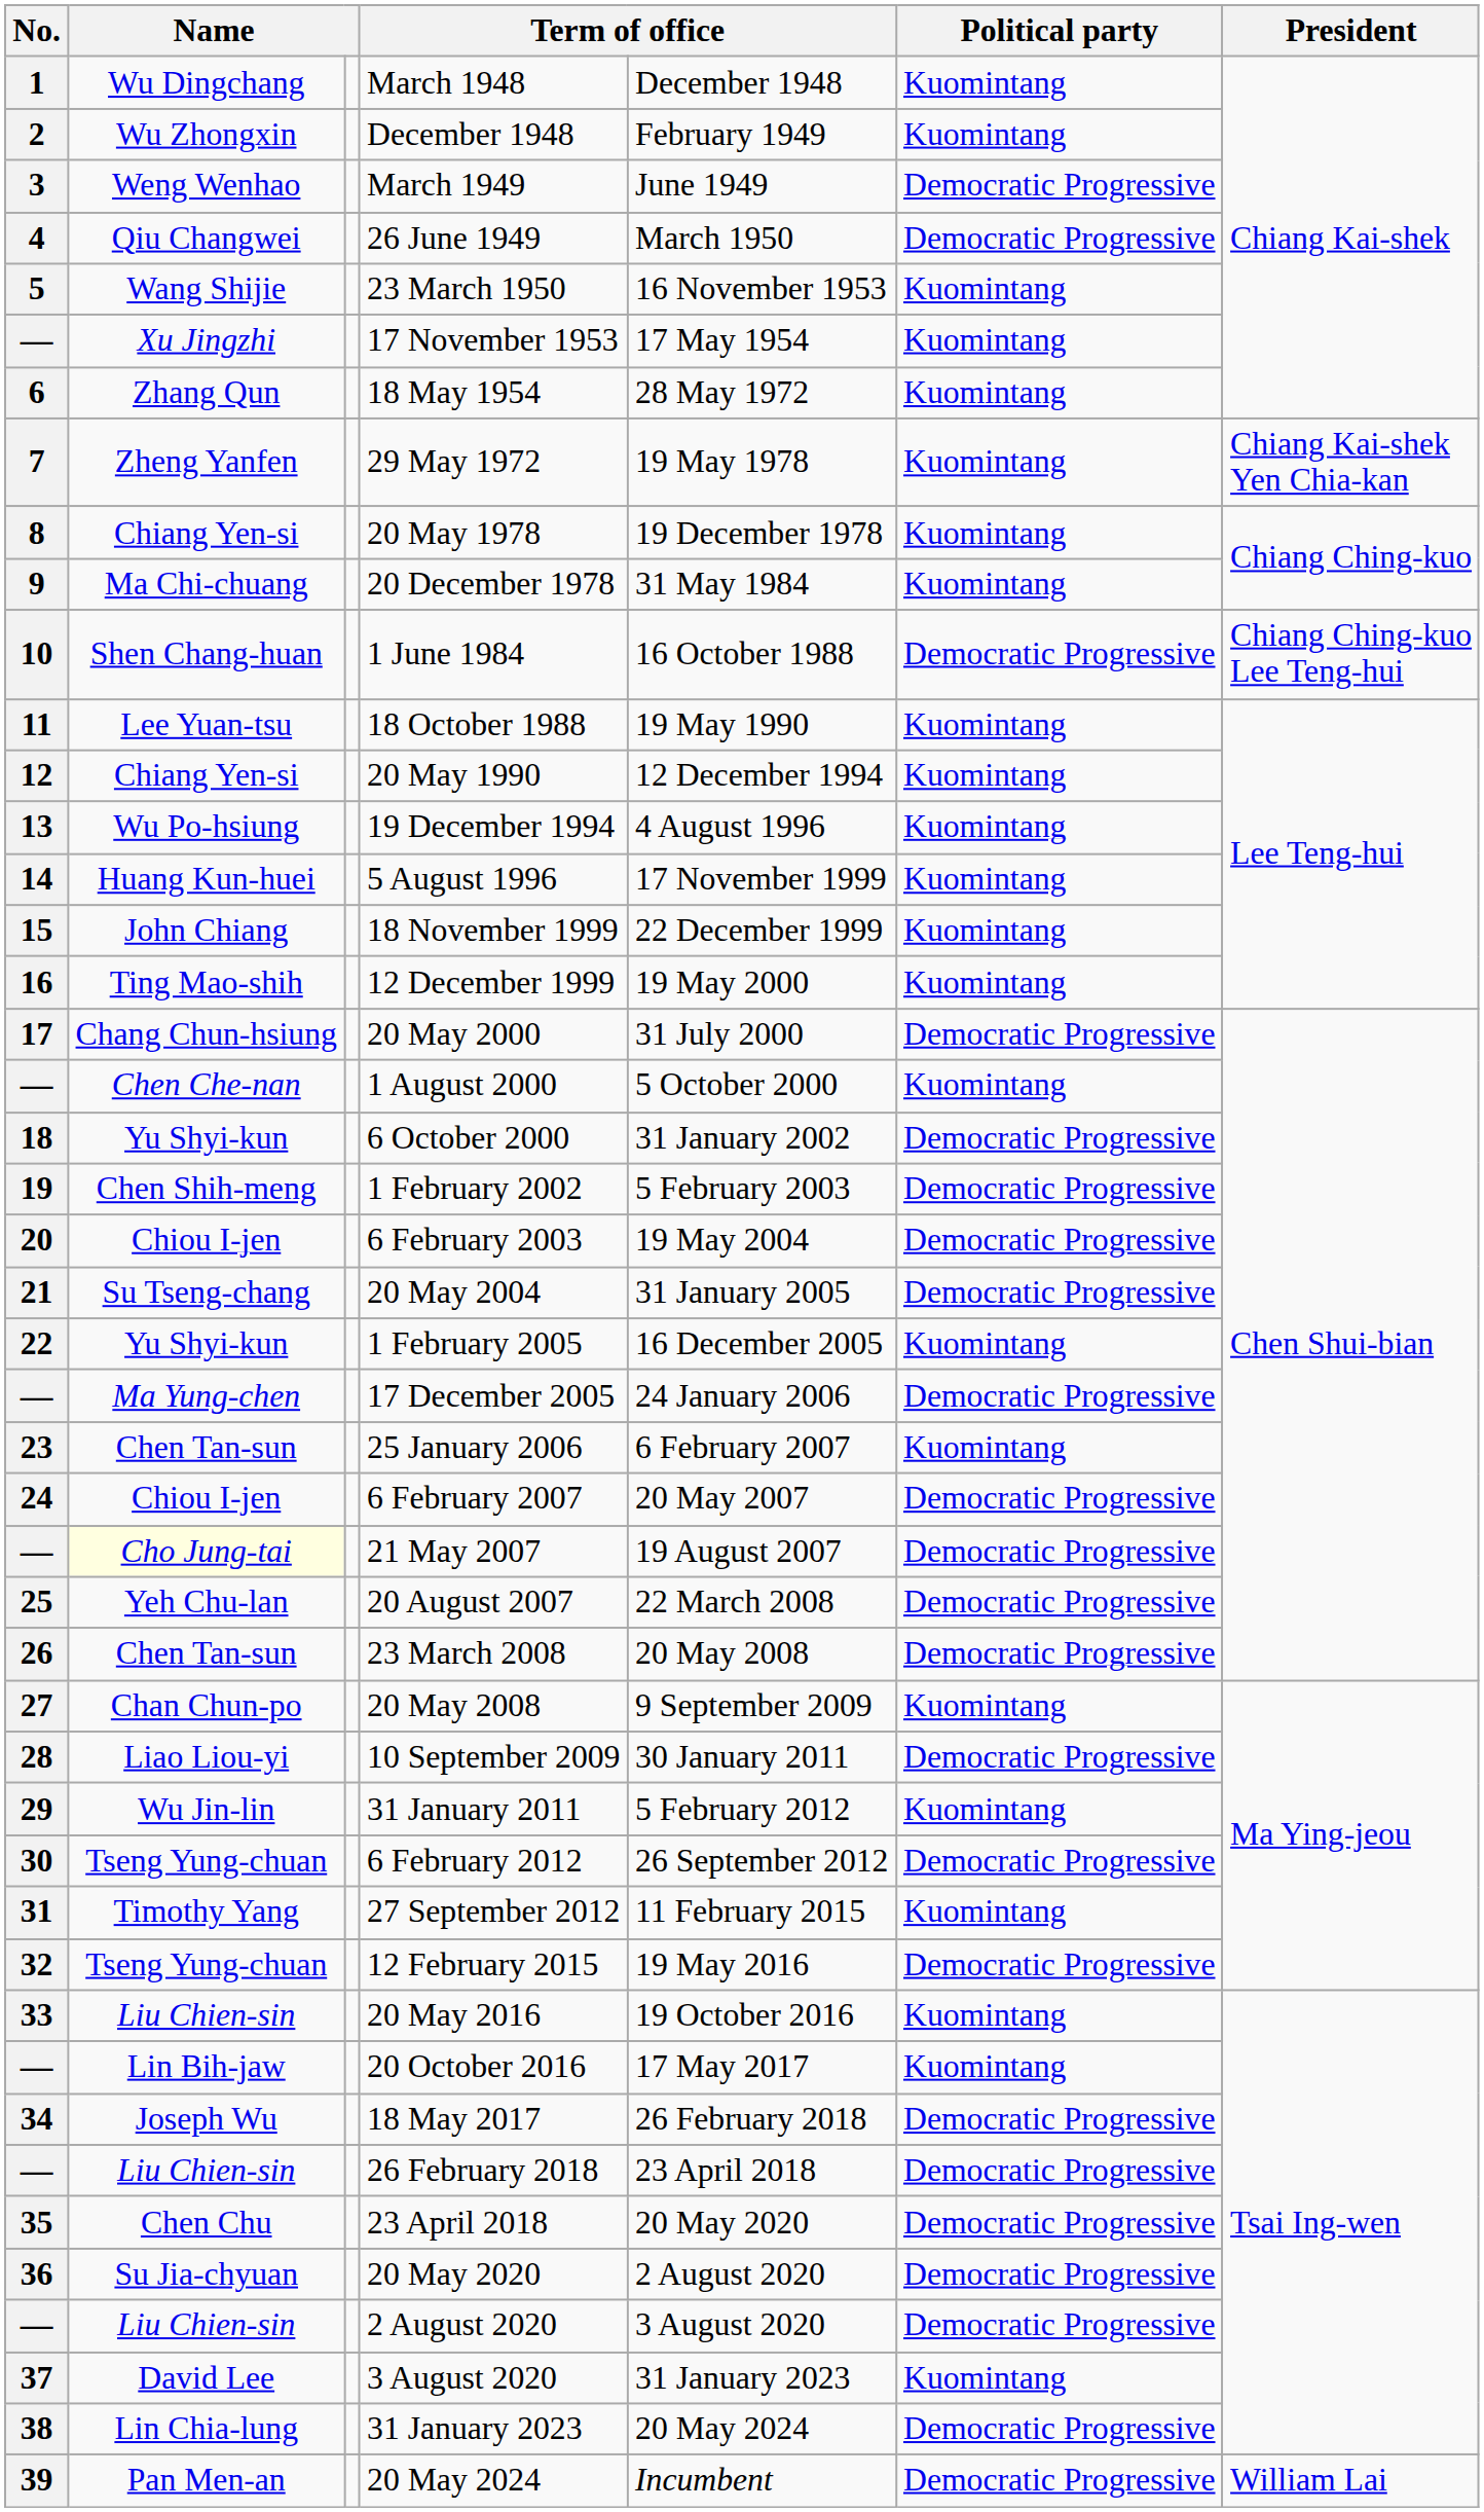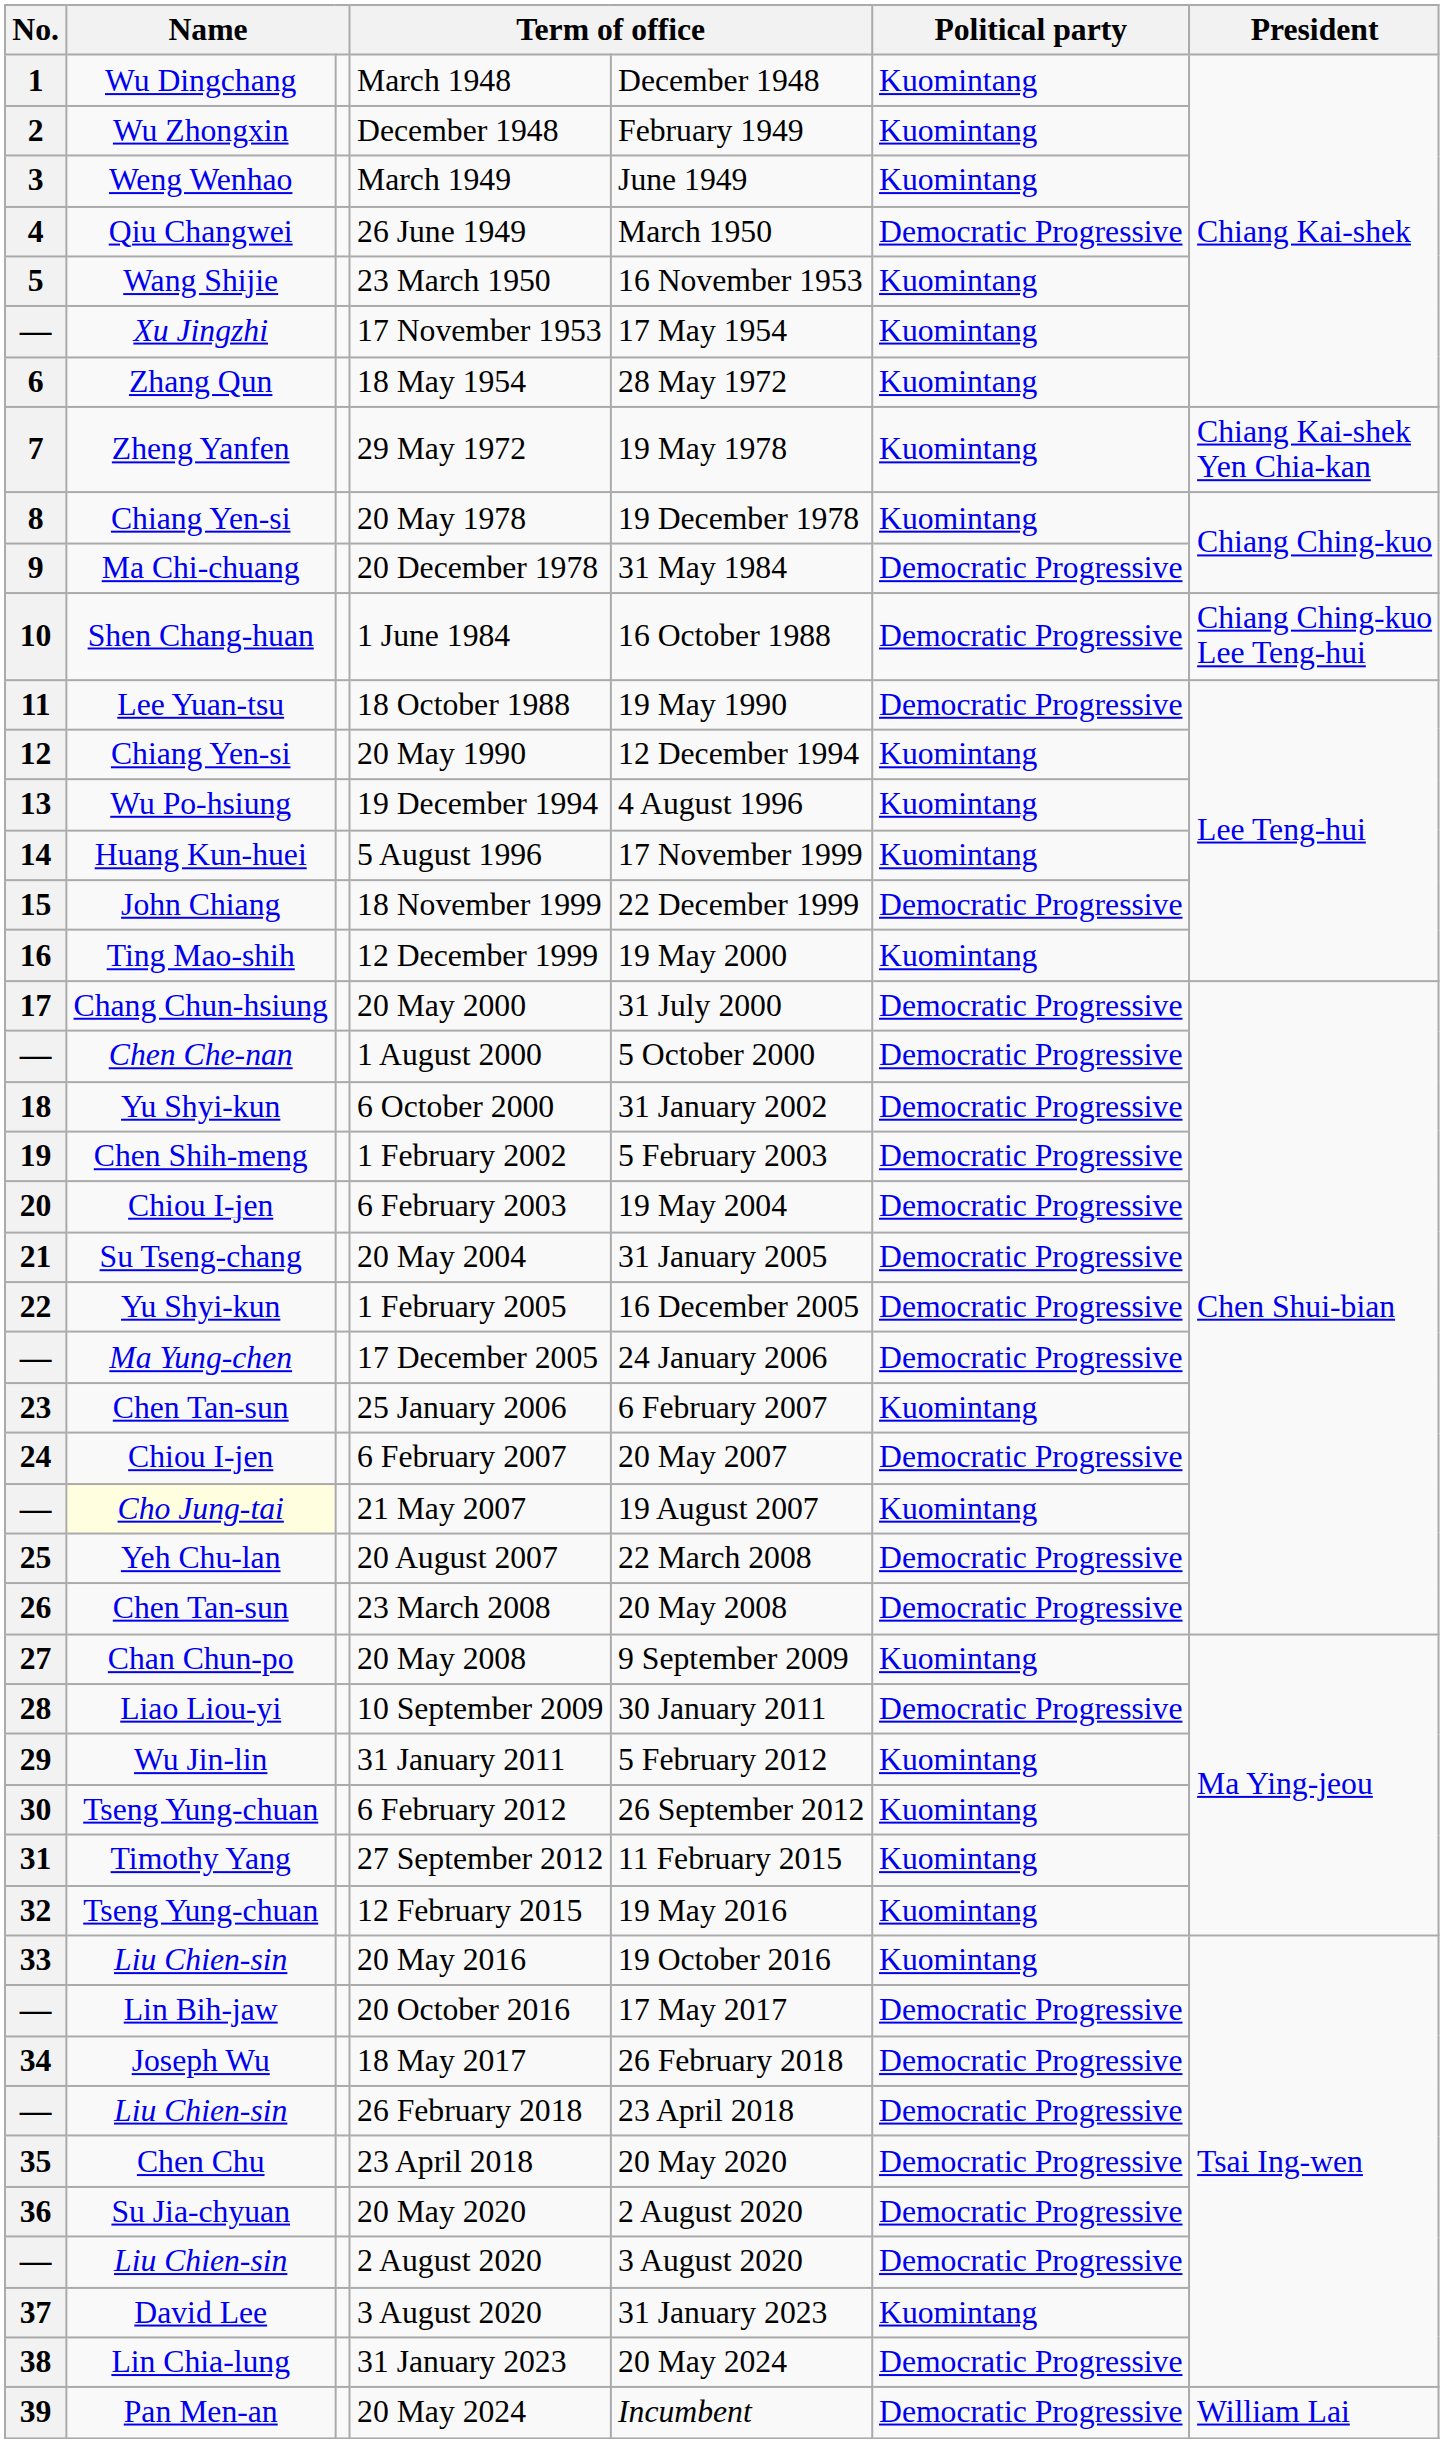 <table class="wikitable">
 <tr>
 <th>No.</th>
 <th colspan=2>Name</th>
 <th colspan=2>Term of office</th>
 <th>Political party</th>
 <th>President</th>
 </tr>
 <tr>
 <th style="background:">1</th>
 <td align=center><a href='#'>Wu Dingchang</a></td>
 <td align=center></td>
 <td>March 1948</td>
 <td>December 1948</td>
 <td><a href='#'>Kuomintang</a></td>
 <td rowspan=7><a href='#'>Chiang Kai-shek</a></td>
 </tr>
 <tr>
 <th style="background:">2</th>
 <td align=center><a href='#'>Wu Zhongxin</a></td>
 <td align=center></td>
 <td>December 1948</td>
 <td>February 1949</td>
 <td><a href='#'>Kuomintang</a></td>
 </tr>
 <tr>
 <th style="background:">3</th>
 <td align=center><a href='#'>Weng Wenhao</a></td>
 <td align=center></td>
 <td>March 1949</td>
 <td>June 1949</td>
-<td><a href='#'>Democratic Progressive</a></td>
+<td><a href='#'>Kuomintang</a></td>
 </tr>
 <tr>
 <th style="background:">4</th>
 <td align=center><a href='#'>Qiu Changwei</a></td>
 <td align=center></td>
 <td>26 June 1949</td>
 <td>March 1950</td>
 <td><a href='#'>Democratic Progressive</a></td>
 </tr>
 <tr>
 <th style="background:">5</th>
 <td align=center><a href='#'>Wang Shijie</a></td>
 <td align=center></td>
 <td>23 March 1950</td>
 <td>16 November 1953</td>
 <td><a href='#'>Kuomintang</a></td>
 </tr>
 <tr>
 <th style="background:">—</th>
 <td align=center><em><a href='#'>Xu Jingzhi</a></em></td>
 <td align=center></td>
 <td>17 November 1953</td>
 <td>17 May 1954</td>
 <td><a href='#'>Kuomintang</a></td>
 </tr>
 <tr>
 <th style="background:">6</th>
 <td align=center><a href='#'>Zhang Qun</a></td>
 <td align=center></td>
 <td>18 May 1954</td>
 <td>28 May 1972</td>
 <td><a href='#'>Kuomintang</a></td>
 </tr>
 <tr>
 <th style="background:">7</th>
 <td align=center><a href='#'>Zheng Yanfen</a></td>
 <td align=center></td>
 <td>29 May 1972</td>
 <td>19 May 1978</td>
 <td><a href='#'>Kuomintang</a></td>
 <td><a href='#'>Chiang Kai-shek</a><br><a href='#'>Yen Chia-kan</a></td>
 </tr>
 <tr>
 <th style="background:">8</th>
 <td align=center><a href='#'>Chiang Yen-si</a></td>
 <td align=center></td>
 <td>20 May 1978</td>
 <td>19 December 1978</td>
 <td><a href='#'>Kuomintang</a></td>
 <td rowspan=2><a href='#'>Chiang Ching-kuo</a></td>
 </tr>
 <tr>
 <th style="background:">9</th>
 <td align=center><a href='#'>Ma Chi-chuang</a></td>
 <td align=center></td>
 <td>20 December 1978</td>
 <td>31 May 1984</td>
-<td><a href='#'>Kuomintang</a></td>
+<td><a href='#'>Democratic Progressive</a></td>
 </tr>
 <tr>
 <th style="background:">10</th>
 <td align=center><a href='#'>Shen Chang-huan</a></td>
 <td align=center></td>
 <td>1 June 1984</td>
 <td>16 October 1988</td>
 <td><a href='#'>Democratic Progressive</a></td>
 <td><a href='#'>Chiang Ching-kuo</a><br><a href='#'>Lee Teng-hui</a></td>
 </tr>
 <tr>
 <th style="background:">11</th>
 <td align=center><a href='#'>Lee Yuan-tsu</a></td>
 <td align=center></td>
 <td>18 October 1988</td>
 <td>19 May 1990</td>
-<td><a href='#'>Kuomintang</a></td>
+<td><a href='#'>Democratic Progressive</a></td>
 <td rowspan=6><a href='#'>Lee Teng-hui</a></td>
 </tr>
 <tr>
 <th style="background:">12</th>
 <td align=center><a href='#'>Chiang Yen-si</a></td>
 <td align=center></td>
 <td>20 May 1990</td>
 <td>12 December 1994</td>
 <td><a href='#'>Kuomintang</a></td>
 </tr>
 <tr>
 <th style="background:">13</th>
 <td align=center><a href='#'>Wu Po-hsiung</a></td>
 <td align=center></td>
 <td>19 December 1994</td>
 <td>4 August 1996</td>
 <td><a href='#'>Kuomintang</a></td>
 </tr>
 <tr>
 <th style="background:">14</th>
 <td align=center><a href='#'>Huang Kun-huei</a></td>
 <td align=center></td>
 <td>5 August 1996</td>
 <td>17 November 1999</td>
 <td><a href='#'>Kuomintang</a></td>
 </tr>
 <tr>
 <th style="background:">15</th>
 <td align=center><a href='#'>John Chiang</a></td>
 <td align=center></td>
 <td>18 November 1999</td>
 <td>22 December 1999</td>
-<td><a href='#'>Kuomintang</a></td>
+<td><a href='#'>Democratic Progressive</a></td>
 </tr>
 <tr>
 <th style="background:">16</th>
 <td align=center><a href='#'>Ting Mao-shih</a></td>
 <td align=center></td>
 <td>12 December 1999</td>
 <td>19 May 2000</td>
 <td><a href='#'>Kuomintang</a></td>
 </tr>
 <tr>
 <th style="background:">17</th>
 <td align=center><a href='#'>Chang Chun-hsiung</a></td>
 <td align=center></td>
 <td>20 May 2000</td>
 <td>31 July 2000</td>
 <td><a href='#'>Democratic Progressive</a></td>
 <td rowspan=13><a href='#'>Chen Shui-bian</a></td>
 </tr>
 <tr>
 <th style="background:">—</th>
 <td align=center><em><a href='#'>Chen Che-nan</a></em></td>
 <td align=center></td>
 <td>1 August 2000</td>
 <td>5 October 2000</td>
-<td><a href='#'>Kuomintang</a></td>
+<td><a href='#'>Democratic Progressive</a></td>
 </tr>
 <tr>
 <th style="background:">18</th>
 <td align=center><a href='#'>Yu Shyi-kun</a></td>
 <td align=center></td>
 <td>6 October 2000</td>
 <td>31 January 2002</td>
 <td><a href='#'>Democratic Progressive</a></td>
 </tr>
 <tr>
 <th style="background:">19</th>
 <td align=center><a href='#'>Chen Shih-meng</a></td>
 <td align=center></td>
 <td>1 February 2002</td>
 <td>5 February 2003</td>
 <td><a href='#'>Democratic Progressive</a></td>
 </tr>
 <tr>
 <th style="background:">20</th>
 <td align=center><a href='#'>Chiou I-jen</a></td>
 <td align=center></td>
 <td>6 February 2003</td>
 <td>19 May 2004</td>
 <td><a href='#'>Democratic Progressive</a></td>
 </tr>
 <tr>
 <th style="background:">21</th>
 <td align=center><a href='#'>Su Tseng-chang</a></td>
 <td align=center></td>
 <td>20 May 2004</td>
 <td>31 January 2005</td>
 <td><a href='#'>Democratic Progressive</a></td>
 </tr>
 <tr>
 <th style="background:">22</th>
 <td align=center><a href='#'>Yu Shyi-kun</a></td>
 <td align=center></td>
 <td>1 February 2005</td>
 <td>16 December 2005</td>
-<td><a href='#'>Kuomintang</a></td>
+<td><a href='#'>Democratic Progressive</a></td>
 </tr>
 <tr>
 <th style="background:">—</th>
 <td align=center><em><a href='#'>Ma Yung-chen</a></em></td>
 <td align=center></td>
 <td>17 December 2005</td>
 <td>24 January 2006</td>
 <td><a href='#'>Democratic Progressive</a></td>
 </tr>
 <tr>
 <th style="background:">23</th>
 <td align=center><a href='#'>Chen Tan-sun</a></td>
 <td align=center></td>
 <td>25 January 2006</td>
 <td>6 February 2007</td>
 <td><a href='#'>Kuomintang</a></td>
 </tr>
 <tr>
 <th style="background:">24</th>
 <td align=center><a href='#'>Chiou I-jen</a></td>
 <td align=center></td>
 <td>6 February 2007</td>
 <td>20 May 2007</td>
 <td><a href='#'>Democratic Progressive</a></td>
 </tr>
 <tr>
 <th style="background:">—</th>
 <td align=center style="background: lightyellow;"><em><a href='#'>Cho Jung-tai</a></em></td>
 <td align=center></td>
 <td>21 May 2007</td>
 <td>19 August 2007</td>
-<td><a href='#'>Democratic Progressive</a></td>
+<td><a href='#'>Kuomintang</a></td>
 </tr>
 <tr>
 <th style="background:">25</th>
 <td align=center><a href='#'>Yeh Chu-lan</a></td>
 <td align=center></td>
 <td>20 August 2007</td>
 <td>22 March 2008</td>
 <td><a href='#'>Democratic Progressive</a></td>
 </tr>
 <tr>
 <th style="background:">26</th>
 <td align=center><a href='#'>Chen Tan-sun</a></td>
 <td align=center></td>
 <td>23 March 2008</td>
 <td>20 May 2008</td>
 <td><a href='#'>Democratic Progressive</a></td>
 </tr>
 <tr>
 <th style="background:">27</th>
 <td align=center><a href='#'>Chan Chun-po</a></td>
 <td align=center></td>
 <td>20 May 2008</td>
 <td>9 September 2009</td>
 <td><a href='#'>Kuomintang</a></td>
 <td rowspan=6><a href='#'>Ma Ying-jeou</a></td>
 </tr>
 <tr>
 <th style="background:">28</th>
 <td align=center><a href='#'>Liao Liou-yi</a></td>
 <td align=center></td>
 <td>10 September 2009</td>
 <td>30 January 2011</td>
 <td><a href='#'>Democratic Progressive</a></td>
 </tr>
 <tr>
 <th style="background:">29</th>
 <td align=center><a href='#'>Wu Jin-lin</a></td>
 <td align=center></td>
 <td>31 January 2011</td>
 <td>5 February 2012</td>
 <td><a href='#'>Kuomintang</a></td>
 </tr>
 <tr>
 <th style="background:">30</th>
 <td align=center><a href='#'>Tseng Yung-chuan</a></td>
 <td align=center></td>
 <td>6 February 2012</td>
 <td>26 September 2012</td>
-<td><a href='#'>Democratic Progressive</a></td>
+<td><a href='#'>Kuomintang</a></td>
 </tr>
 <tr>
 <th style="background:">31</th>
 <td align=center><a href='#'>Timothy Yang</a></td>
 <td align=center></td>
 <td>27 September 2012</td>
 <td>11 February 2015</td>
 <td><a href='#'>Kuomintang</a></td>
 </tr>
 <tr>
 <th style="background:">32</th>
 <td align=center><a href='#'>Tseng Yung-chuan</a></td>
 <td align=center></td>
 <td>12 February 2015</td>
 <td>19 May 2016</td>
-<td><a href='#'>Democratic Progressive</a></td>
+<td><a href='#'>Kuomintang</a></td>
 </tr>
 <tr>
 <th style="background:">33</th>
 <td align=center><em><a href='#'>Liu Chien-sin</a></em></td>
 <td align=center></td>
 <td>20 May 2016</td>
 <td>19 October 2016</td>
 <td><a href='#'>Kuomintang</a></td>
 <td rowspan="9"><a href='#'>Tsai Ing-wen</a></td>
 </tr>
 <tr>
 <th style="background:">—</th>
 <td align=center><a href='#'>Lin Bih-jaw</a></td>
 <td align=center></td>
 <td>20 October 2016</td>
 <td>17 May 2017</td>
-<td><a href='#'>Kuomintang</a></td>
+<td><a href='#'>Democratic Progressive</a></td>
 </tr>
 <tr>
 <th style="background:">34</th>
 <td align=center><a href='#'>Joseph Wu</a></td>
 <td align=center></td>
 <td>18 May 2017</td>
 <td>26 February 2018</td>
 <td><a href='#'>Democratic Progressive</a></td>
 </tr>
 <tr>
 <th style="background:">—</th>
 <td align=center><em><a href='#'>Liu Chien-sin</a></em></td>
 <td align=center></td>
 <td>26 February 2018</td>
 <td>23 April 2018</td>
 <td><a href='#'>Democratic Progressive</a></td>
 </tr>
 <tr>
 <th style="background:">35</th>
 <td align=center><a href='#'>Chen Chu</a></td>
 <td align=center></td>
 <td>23 April 2018</td>
 <td>20 May 2020</td>
 <td><a href='#'>Democratic Progressive</a></td>
 </tr>
 <tr>
 <th style="background:">36</th>
 <td align=center><a href='#'>Su Jia-chyuan</a></td>
 <td align=center></td>
 <td>20 May 2020</td>
 <td>2 August 2020</td>
 <td><a href='#'>Democratic Progressive</a></td>
 </tr>
 <tr>
 <th style="background:">—</th>
 <td align=center><em><a href='#'>Liu Chien-sin</a></em></td>
 <td align=center></td>
 <td>2 August 2020</td>
 <td>3 August 2020</td>
 <td><a href='#'>Democratic Progressive</a></td>
 </tr>
 <tr>
 <th style="background:">37</th>
 <td align=center><a href='#'>David Lee</a></td>
 <td align=center></td>
 <td>3 August 2020</td>
 <td>31 January 2023</td>
 <td><a href='#'>Kuomintang</a></td>
 </tr>
 <tr>
 <th style="background:">38</th>
 <td align=center><a href='#'>Lin Chia-lung</a></td>
 <td align=center></td>
 <td>31 January 2023</td>
 <td>20 May 2024</td>
 <td><a href='#'>Democratic Progressive</a></td>
 </tr>
 <tr>
 <th style="background:">39</th>
 <td align=center><a href='#'>Pan Men-an</a></td>
 <td align=center></td>
 <td>20 May 2024</td>
 <td><em>Incumbent</em></td>
 <td><a href='#'>Democratic Progressive</a></td>
 <td rowspan="9"><a href='#'>William Lai</a></td>
 </tr>
 </table>
